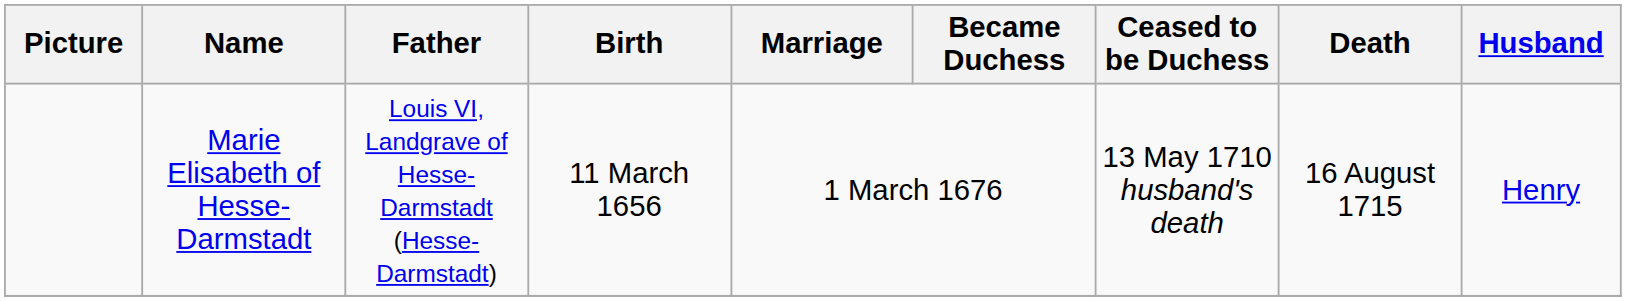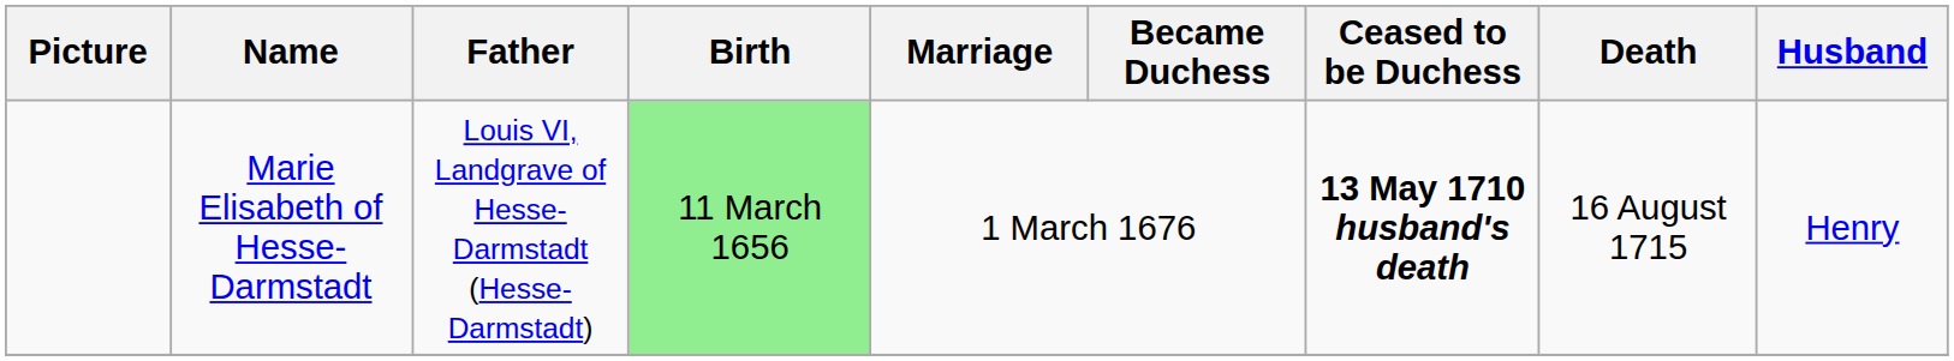 <table width=100% class="wikitable">
 <tr>
 <th width = "6%">Picture</th>
 <th width = "10%">Name</th>
 <th width = "9%">Father</th>
 <th width = "10%">Birth</th>
 <th width = "9%">Marriage</th>
 <th width = "9%">Became Duchess</th>
 <th width = "9%">Ceased to be Duchess</th>
 <th width = "9%">Death</th>
 <th width = "5%"><a href='#'>Husband</a></th>
 </tr>
 <tr>
 <td align="center"></td>
 <td align="center"><a href='#'>Marie Elisabeth of Hesse-Darmstadt</a></td>
 <td align="center"><small><a href='#'>Louis VI, Landgrave of Hesse-Darmstadt</a><br>(<a href='#'>Hesse-Darmstadt</a>)</small></td>
-<td align="center">11 March 1656</td>
+<td align="center" style="background: lightgreen;">11 March 1656</td>
 <td align="center" colspan="2">1 March 1676</td>
-<td align="center">13 May 1710<br><em>husband's death</em></td>
+<td align="center"><strong>13 May 1710<br><em>husband's death</em></strong></td>
 <td align="center">16 August 1715</td>
 <td align="center"><a href='#'>Henry</a></td>
 </tr>
 <tr>
 </tr>
 </table>
